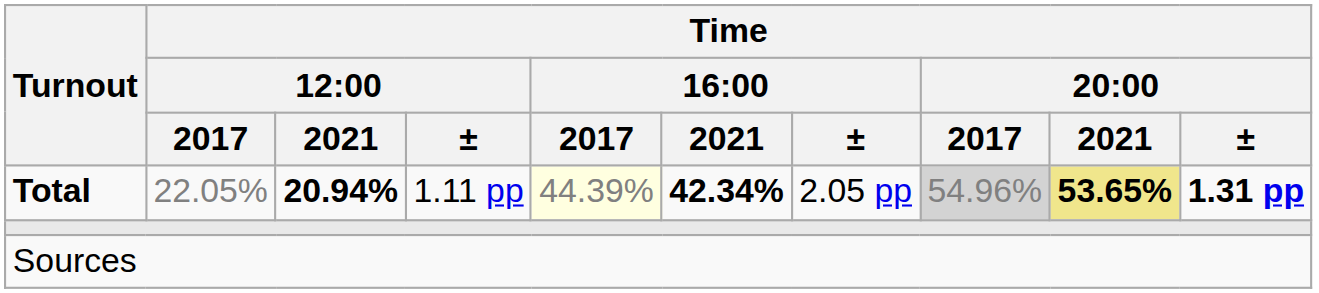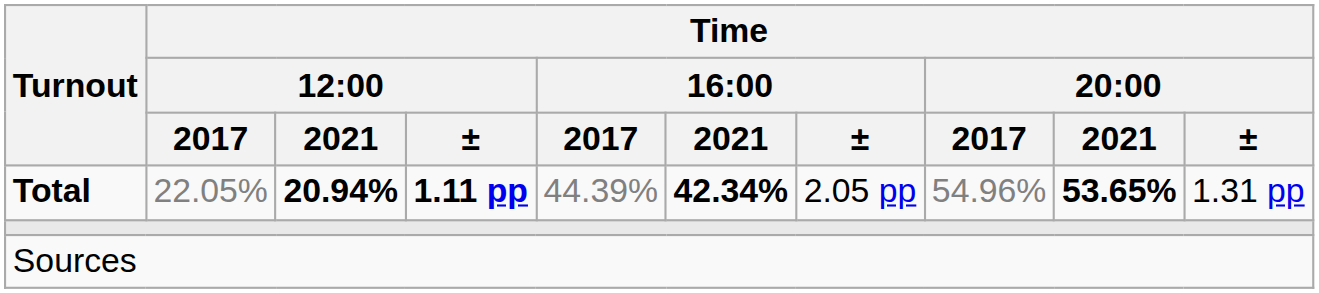 <table class="wikitable sortable" style="text-align:right;">
 <tr>
 <th rowspan="3">Turnout</th>
 <th colspan="9">Time</th>
 </tr>
 <tr>
 <th colspan="3">12:00</th>
 <th colspan="3">16:00</th>
 <th colspan="3">20:00</th>
 </tr>
 <tr>
 <th>2017</th>
 <th>2021</th>
 <th>±</th>
 <th>2017</th>
 <th>2021</th>
 <th>±</th>
 <th>2017</th>
 <th>2021</th>
 <th>±</th>
 </tr>
 <tr>
 <td align="left"><strong>Total</strong></td>
 <td style="color:gray;">22.05%</td>
 <td><strong>20.94%</strong></td>
-<td> 1.11 <a href='#'>pp</a></td>
-<td style="background: lightyellow; color:gray;">44.39%</td>
+<td><strong> 1.11 <a href='#'>pp</a></strong></td>
+<td style="color:gray;">44.39%</td>
 <td><strong>42.34%</strong></td>
 <td> 2.05 <a href='#'>pp</a></td>
-<td style="background: lightgrey; color:gray;">54.96%</td>
-<td style="background: khaki;"><strong>53.65%</strong></td>
-<td><strong> 1.31 <a href='#'>pp</a></strong></td>
+<td style="color:gray;">54.96%</td>
+<td><strong>53.65%</strong></td>
+<td> 1.31 <a href='#'>pp</a></td>
 </tr>
 <tr>
 <td colspan="10" style="color:inherit;background:#E9E9E9"></td>
 </tr>
 <tr>
 <td align="left" colspan="10">Sources</td>
 </tr>
 </table>
